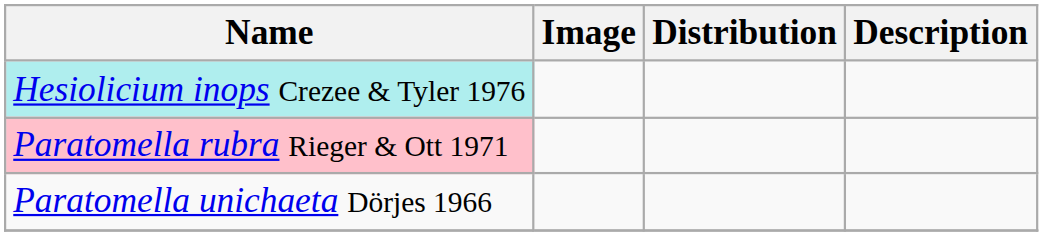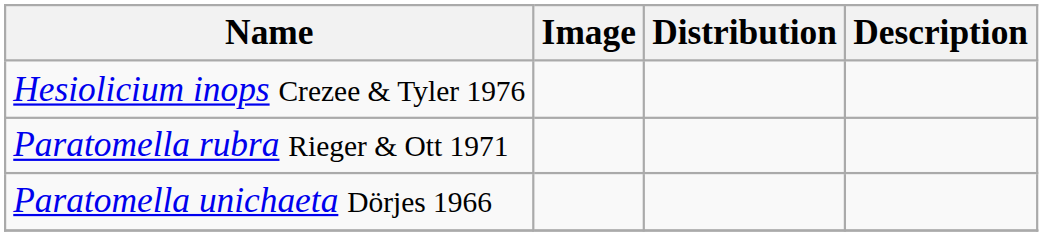 <table class="wikitable sortable" style="text-align:left;">
 <tr>
 <th scope="col">Name</th>
 <th scope="col">Image</th>
 <th scope="col">Distribution</th>
 <th scope="col">Description</th>
 </tr>
 <tr>
-<td scope="row" align="left" style="background: paleturquoise;"><em><a href='#'>Hesiolicium inops</a></em> <small>Crezee & Tyler 1976</small></td>
+<td scope="row" align="left"><em><a href='#'>Hesiolicium inops</a></em> <small>Crezee & Tyler 1976</small></td>
 <td></td>
 <td></td>
 <td></td>
 </tr>
 <tr>
-<td scope="row" align="left" style="background: pink;"><em><a href='#'>Paratomella rubra</a></em> <small>Rieger & Ott 1971</small></td>
+<td scope="row" align="left"><em><a href='#'>Paratomella rubra</a></em> <small>Rieger & Ott 1971</small></td>
 <td></td>
 <td></td>
 <td></td>
 </tr>
 <tr>
 <td scope="row" align="left"><em><a href='#'>Paratomella unichaeta</a></em> <small>Dörjes 1966</small></td>
 <td></td>
 <td></td>
 <td></td>
 </tr>
 <tr>
 </tr>
 </table>
